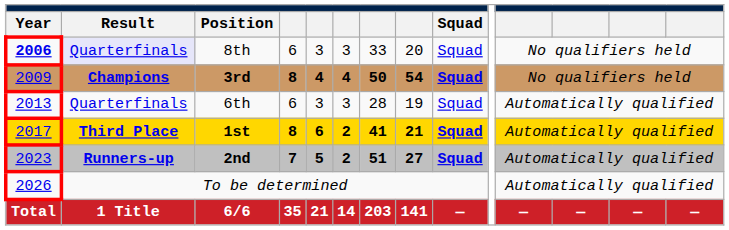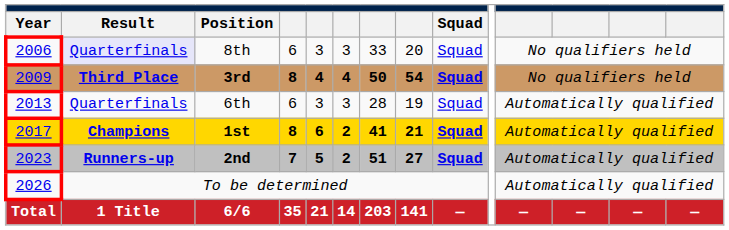 <table class="wikitable" style="text-align: center;">
 <tr>
 <th style="background:#00234C;" colspan="9"><a href='#'></a> </th>
 <th style="background:white; width:1%;" rowspan="9"></th>
 <th style="background:#00234C; color:#FFFFFF;" colspan="5"><a href='#'></a> </th>
 </tr>
 <tr>
 <th scope="col">Year</th>
 <th scope="col">Result</th>
 <th scope="col">Position</th>
 <th scope="col"></th>
 <th scope="col"></th>
 <th scope="col"></th>
 <th scope="col"></th>
 <th scope="col"></th>
 <th scope="col">Squad</th>
 <th scope="col"></th>
 <th scope="col"></th>
 <th scope="col"></th>
 <th scope="col"></th>
 </tr>
 <tr>
-<td style="border: 3px solid red" scope="row"><strong> <a href='#'>2006</a></strong></td>
+<td style="border: 3px solid red" scope="row"> <a href='#'>2006</a></td>
 <td style="background: lavender;"><a href='#'>Quarterfinals</a></td>
 <td>8th</td>
 <td>6</td>
 <td>3</td>
 <td>3</td>
 <td>33</td>
 <td>20</td>
 <td><a href='#'>Squad</a></td>
 <td colspan="4" style="text-align:center;"><em>No qualifiers held</em></td>
 </tr>
 <tr style="background:#c96;">
 <td style="border: 3px solid red" scope="row"> <a href='#'>2009</a></td>
-<td><strong><a href='#'>Champions</a></strong></td>
+<td><strong><a href='#'>Third Place</a></strong></td>
 <td><strong>3rd</strong></td>
 <td><strong>8</strong></td>
 <td><strong>4</strong></td>
 <td><strong>4</strong></td>
 <td><strong>50</strong></td>
 <td><strong>54</strong></td>
 <td><strong><a href='#'>Squad</a></strong></td>
 <td colspan="4" style="text-align:center;"><em>No qualifiers held</em></td>
 </tr>
 <tr>
 <td style="border: 3px solid red" scope="row"> <a href='#'>2013</a></td>
 <td><a href='#'>Quarterfinals</a></td>
 <td>6th</td>
 <td>6</td>
 <td>3</td>
 <td>3</td>
 <td>28</td>
 <td>19</td>
 <td><a href='#'>Squad</a></td>
 <td colspan="4" style="text-align:center;"><em>Automatically qualified</em></td>
 </tr>
 <tr style="background:gold;">
 <td style="border: 3px solid red" scope="row"> <a href='#'>2017</a></td>
-<td><strong><a href='#'>Third Place</a></strong></td>
+<td><strong><a href='#'>Champions</a></strong></td>
 <td><strong>1st</strong></td>
 <td><strong>8</strong></td>
 <td><strong>6</strong></td>
 <td><strong>2</strong></td>
 <td><strong>41</strong></td>
 <td><strong>21</strong></td>
 <td><strong><a href='#'>Squad</a></strong></td>
 <td colspan="4" style="text-align:center;"><em>Automatically qualified</em></td>
 </tr>
 <tr style="background:Silver;">
 <td style="border: 3px solid red" scope="row"> <a href='#'>2023</a></td>
 <td><strong><a href='#'>Runners-up</a></strong></td>
 <td><strong>2nd</strong></td>
 <td><strong>7</strong></td>
 <td><strong>5</strong></td>
 <td><strong>2</strong></td>
 <td><strong>51</strong></td>
 <td><strong>27</strong></td>
 <td><strong><a href='#'>Squad</a></strong></td>
 <td colspan="4" style="text-align:center;"><em>Automatically qualified</em></td>
 </tr>
 <tr>
 <td style="border: 3px solid red"> <a href='#'>2026</a></td>
 <td colspan=8 align=center><em>To be determined</em></td>
 <td colspan=4 align=center><em>Automatically qualified</em></td>
 </tr>
 <tr>
 <th style="color:white; background:#CE2028;">Total</th>
 <th style="color:white; background:#CE2028;">1 Title</th>
 <th style="color:white; background:#CE2028;">6/6</th>
 <th style="color:white; background:#CE2028;">35</th>
 <th style="color:white; background:#CE2028;">21</th>
 <th style="color:white; background:#CE2028;">14</th>
 <th style="color:white; background:#CE2028;">203</th>
 <th style="color:white; background:#CE2028;">141</th>
 <th style="color:white; background:#CE2028;">—</th>
 <th style="color:white; background:#CE2028;">—</th>
 <th style="color:white; background:#CE2028;">—</th>
 <th style="color:white; background:#CE2028;">—</th>
 <th style="color:white; background:#CE2028;">—</th>
 </tr>
 </table>
